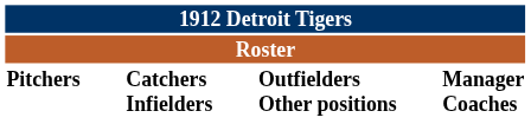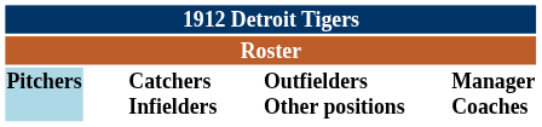 <table class="toccolours" style="font-size: 95%;">
 <tr>
 <th colspan="10" style="background-color: #003366; color: white; text-align: center;">1912 Detroit Tigers</th>
 </tr>
 <tr>
 <td colspan="10" style="background-color: #bd5d29; color: white; text-align: center;"><strong>Roster</strong></td>
 </tr>
 <tr>
-<td valign="top"><strong>Pitchers</strong><br>                   </td>
+<td valign="top" style="background: lightblue;"><strong>Pitchers</strong><br>                   </td>
 <td width="25px"></td>
 <td valign="top"><strong>Catchers</strong><br>    <strong>Infielders</strong>                 </td>
 <td width="25px"></td>
 <td valign="top"><strong>Outfielders</strong><br>           <strong>Other positions</strong> </td>
 <td width="25px"></td>
 <td valign="top"><strong>Manager</strong><br> <strong>Coaches</strong> </td>
 </tr>
 </table>
